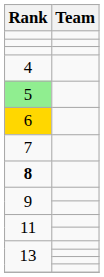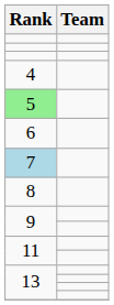 <table class="wikitable">
 <tr>
 <th>Rank</th>
 <th>Team</th>
 </tr>
 <tr>
 <td align=center></td>
 <td></td>
 </tr>
 <tr>
 <td align=center></td>
 <td></td>
 </tr>
 <tr>
 <td align=center></td>
 <td></td>
 </tr>
 <tr>
 <td align=center>4</td>
 <td></td>
 </tr>
 <tr>
 <td align=center style="background: lightgreen;">5</td>
 <td></td>
 </tr>
 <tr>
-<td align=center style="background: gold;">6</td>
+<td align=center>6</td>
 <td></td>
 </tr>
 <tr>
-<td align=center>7</td>
+<td align=center style="background: lightblue;">7</td>
 <td></td>
 </tr>
 <tr>
-<td align=center><strong>8</strong></td>
+<td align=center>8</td>
 <td></td>
 </tr>
 <tr>
 <td rowspan=2 align=center>9</td>
 <td></td>
 </tr>
 <tr>
 <td></td>
 </tr>
 <tr>
 <td rowspan=2 align=center>11</td>
 <td></td>
 </tr>
 <tr>
 <td></td>
 </tr>
 <tr>
 <td rowspan=4 align=center>13</td>
 <td></td>
 </tr>
 <tr>
 <td></td>
 </tr>
 <tr>
 <td></td>
 </tr>
 <tr>
 <td></td>
 </tr>
 <tr>
 </tr>
 </table>
